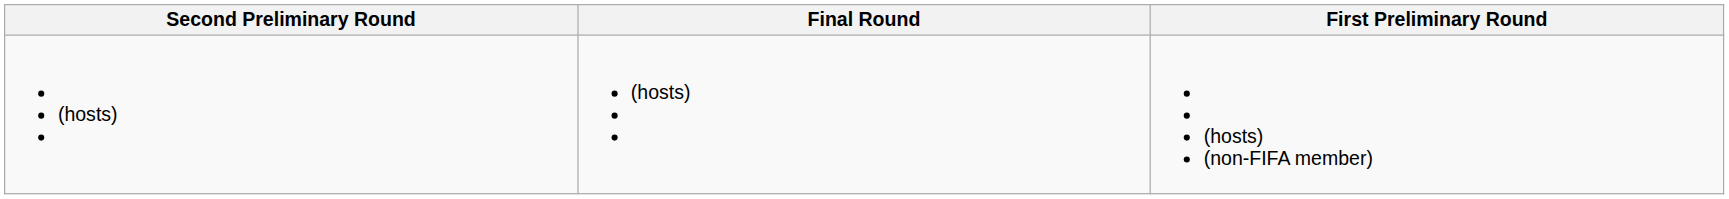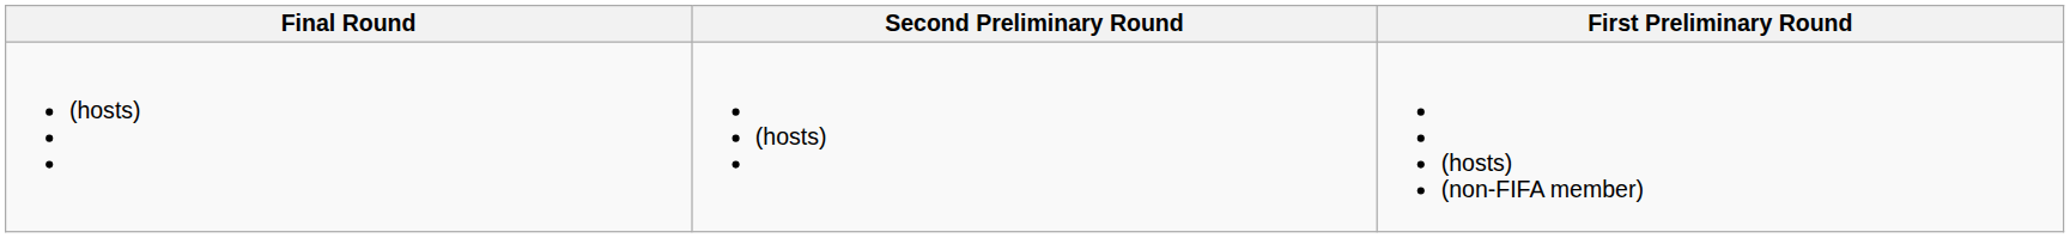 <table class="wikitable" style="width:89%;">
 <tr>
+<th width=33%>Final Round</th>
 <th width=33%>Second Preliminary Round</th>
-<th width=33%>Final Round</th>
 <th width=33%>First Preliminary Round</th>
 </tr>
 <tr>
+<td valign=top><br><ul><li> (hosts)</li><li></li><li></li></ul></td>
 <td valign=top><br><ul><li></li><li> (hosts)</li><li></li></ul></td>
-<td valign=top><br><ul><li> (hosts)</li><li></li><li></li></ul></td>
 <td valign=top><br><ul><li></li><li></li><li> (hosts)</li><li> (non-FIFA member)</li></ul></td>
 </tr>
 </table>
